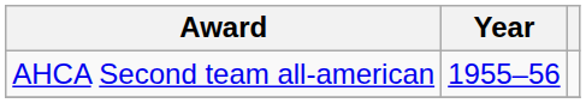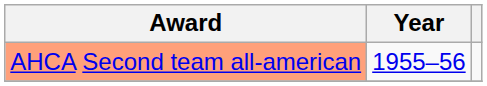 <table class="wikitable">
 <tr>
 <th>Award</th>
 <th>Year</th>
 <th></th>
 </tr>
 <tr>
-<td><a href='#'>AHCA</a> <a href='#'>Second team all-american</a></td>
+<td style="background: lightsalmon;"><a href='#'>AHCA</a> <a href='#'>Second team all-american</a></td>
 <td><a href='#'>1955–56</a></td>
 <td></td>
 </tr>
 <tr>
 </tr>
 </table>
